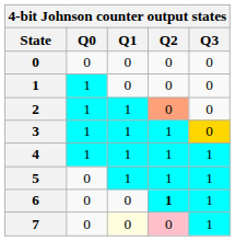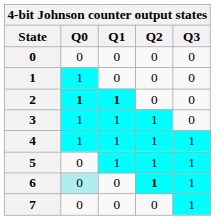 <table class="wikitable" style="text-align:center">
 <tr>
 <th colspan="5">4-bit Johnson counter output states</th>
 </tr>
 <tr>
 <th>State</th>
 <th>Q0</th>
 <th>Q1</th>
 <th>Q2</th>
 <th>Q3</th>
 </tr>
 <tr>
 <th>0</th>
 <td>0</td>
 <td>0</td>
 <td>0</td>
 <td>0</td>
 </tr>
 <tr>
 <th>1</th>
 <td style="background:#0FF">1</td>
 <td>0</td>
 <td>0</td>
 <td>0</td>
 </tr>
 <tr>
 <th>2</th>
-<td style="background:#0FF">1</td>
-<td style="background:#0FF">1</td>
-<td style="background: lightsalmon;">0</td>
+<td style="background:#0FF"><strong>1</strong></td>
+<td style="background:#0FF"><strong>1</strong></td>
+<td>0</td>
 <td>0</td>
 </tr>
 <tr>
 <th>3</th>
 <td style="background:#0FF">1</td>
 <td style="background:#0FF">1</td>
 <td style="background:#0FF">1</td>
-<td style="background: gold;">0</td>
+<td>0</td>
 </tr>
 <tr>
 <th>4</th>
 <td style="background:#0FF">1</td>
 <td style="background:#0FF">1</td>
 <td style="background:#0FF">1</td>
 <td style="background:#0FF">1</td>
 </tr>
 <tr>
 <th>5</th>
 <td>0</td>
 <td style="background:#0FF">1</td>
 <td style="background:#0FF">1</td>
 <td style="background:#0FF">1</td>
 </tr>
 <tr>
 <th>6</th>
-<td>0</td>
+<td style="background: paleturquoise;">0</td>
 <td>0</td>
 <td style="background:#0FF"><strong>1</strong></td>
 <td style="background:#0FF">1</td>
 </tr>
 <tr>
 <th>7</th>
 <td>0</td>
-<td style="background: lightyellow;">0</td>
-<td style="background: pink;">0</td>
+<td>0</td>
+<td>0</td>
 <td style="background:#0FF">1</td>
 </tr>
 </table>
